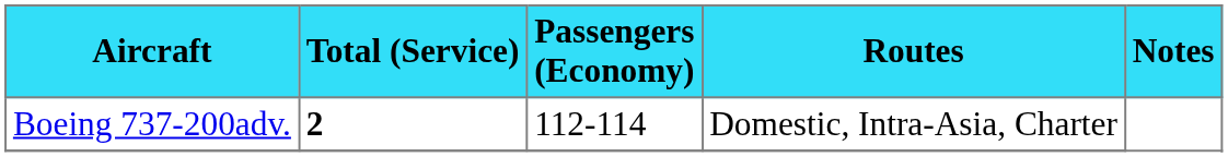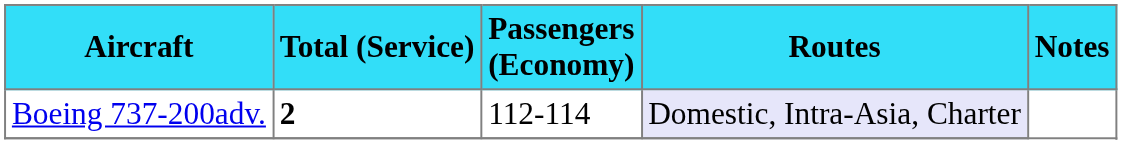 <table class="toccolours sortable" border="1" cellpadding="3" style="margin:1em auto; border-collapse:collapse">
 <tr bgcolor=32def8>
 <th>Aircraft</th>
 <th>Total (Service)</th>
 <th>Passengers <br> (Economy)</th>
 <th>Routes</th>
 <th>Notes</th>
 </tr>
 <tr>
 <td><a href='#'>Boeing 737-200adv.</a></td>
 <td><strong>2</strong></td>
 <td>112-114</td>
-<td>Domestic, Intra-Asia, Charter</td>
+<td style="background: lavender;">Domestic, Intra-Asia, Charter</td>
 </tr>
 <tr>
 </tr>
 </table>
